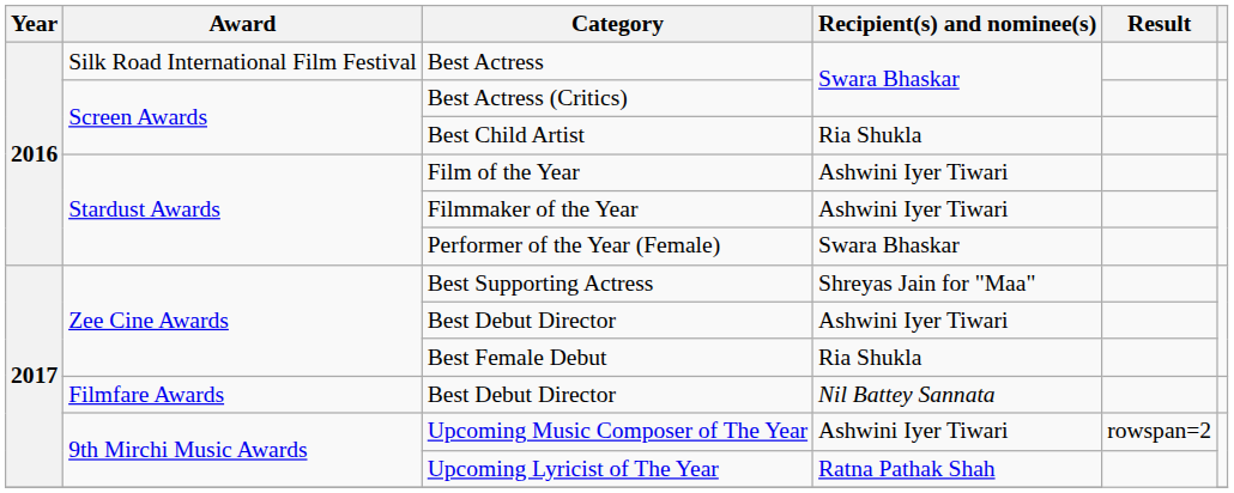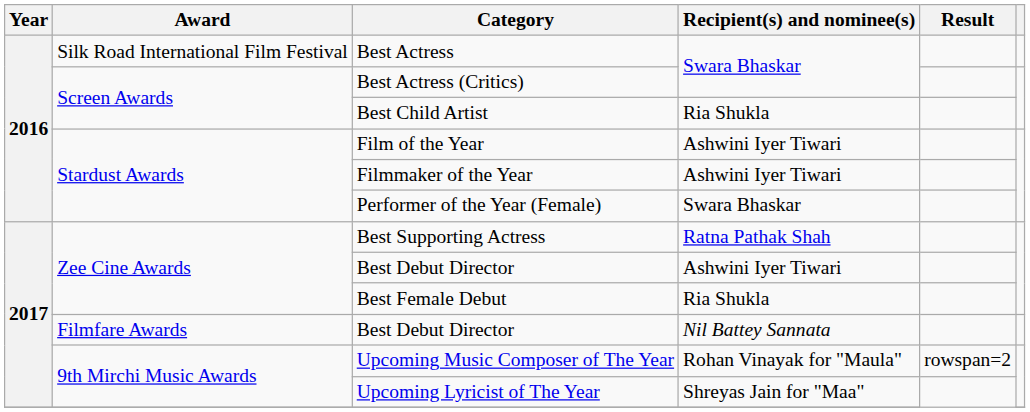 <table class="wikitable plainrowheaders sortable">
 <tr>
 <th scope="col">Year</th>
 <th scope="col">Award</th>
 <th scope="col">Category</th>
 <th scope="col">Recipient(s) and nominee(s)</th>
 <th scope="col">Result</th>
 <th scope="col" class="unsortable"></th>
 </tr>
 <tr>
 <th scope="row" rowspan="6">2016</th>
 <td>Silk Road International Film Festival</td>
 <td>Best Actress</td>
 <td rowspan="2"><a href='#'>Swara Bhaskar</a></td>
 <td></td>
 <td style="text-align:center;"></td>
 </tr>
 <tr>
 <td rowspan="2"><a href='#'>Screen Awards</a></td>
 <td>Best Actress (Critics)</td>
 <td></td>
 <td rowspan="2" style="text-align:center;"></td>
 </tr>
 <tr>
 <td>Best Child Artist</td>
 <td>Ria Shukla</td>
 <td></td>
 </tr>
 <tr>
 <td rowspan="3"><a href='#'>Stardust Awards</a></td>
 <td>Film of the Year</td>
 <td>Ashwini Iyer Tiwari</td>
 <td></td>
 <td rowspan="3" style="text-align:center;"></td>
 </tr>
 <tr>
 <td>Filmmaker of the Year</td>
 <td>Ashwini Iyer Tiwari</td>
 <td></td>
 </tr>
 <tr>
 <td>Performer of the Year (Female)</td>
 <td>Swara Bhaskar</td>
 <td></td>
 </tr>
 <tr>
 <th rowspan="6" scope="row">2017</th>
 <td rowspan="3"><a href='#'>Zee Cine Awards</a></td>
 <td>Best Supporting Actress</td>
-<td>Shreyas Jain for "Maa"</td>
+<td><a href='#'>Ratna Pathak Shah</a></td>
 <td></td>
 <td rowspan="3" style="text-align:center;"></td>
 </tr>
 <tr>
 <td>Best Debut Director</td>
 <td>Ashwini Iyer Tiwari</td>
 <td></td>
 </tr>
 <tr>
 <td>Best Female Debut</td>
 <td>Ria Shukla</td>
 <td></td>
 </tr>
 <tr>
 <td><a href='#'>Filmfare Awards</a></td>
 <td>Best Debut Director</td>
 <td><em>Nil Battey Sannata</em></td>
 <td></td>
 <td style="text-align:center;"></td>
 </tr>
 <tr>
 <td rowspan=2><a href='#'>9th Mirchi Music Awards</a></td>
 <td><a href='#'>Upcoming Music Composer of The Year</a></td>
-<td>Ashwini Iyer Tiwari</td>
+<td>Rohan Vinayak for "Maula"</td>
 <td>rowspan=2 </td>
 <td rowspan=2 style="text-align:center;"></td>
 </tr>
 <tr>
 <td><a href='#'>Upcoming Lyricist of The Year</a></td>
-<td><a href='#'>Ratna Pathak Shah</a></td>
+<td>Shreyas Jain for "Maa"</td>
 </tr>
 <tr>
 </tr>
 </table>
